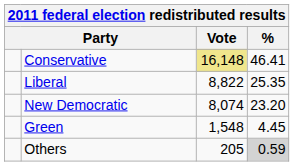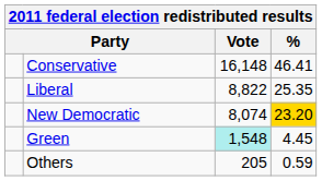 <table class="wikitable">
 <tr>
 <th colspan="4"><a href='#'>2011 federal election</a> redistributed results</th>
 </tr>
 <tr>
 <th bgcolor="#DDDDFF" width="130px" colspan="2">Party</th>
 <th bgcolor="#DDDDFF" width="50px">Vote</th>
 <th bgcolor="#DDDDFF" width="30px">%</th>
 </tr>
 <tr>
 <td> </td>
 <td><a href='#'>Conservative</a></td>
-<td align=right style="background: khaki;">16,148</td>
+<td align=right>16,148</td>
 <td align=right>46.41</td>
 </tr>
 <tr>
 <td> </td>
 <td><a href='#'>Liberal</a></td>
 <td align=right>8,822</td>
 <td align=right>25.35</td>
 </tr>
 <tr>
 <td> </td>
 <td><a href='#'>New Democratic</a></td>
 <td align=right>8,074</td>
-<td align=right>23.20</td>
+<td align=right style="background: gold;">23.20</td>
 </tr>
 <tr>
 <td> </td>
 <td><a href='#'>Green</a></td>
-<td align=right>1,548</td>
+<td align=right style="background: paleturquoise;">1,548</td>
 <td align=right>4.45</td>
 </tr>
 <tr>
 <td> </td>
 <td>Others</td>
 <td align=right>205</td>
-<td align=right style="background: lightgrey;">0.59</td>
+<td align=right>0.59</td>
 </tr>
 </table>
